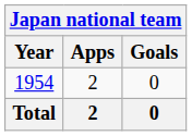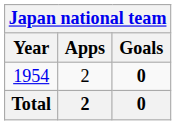 <table class="wikitable" style="text-align:center">
 <tr>
 <th colspan=3><a href='#'>Japan national team</a></th>
 </tr>
 <tr>
 <th>Year</th>
 <th>Apps</th>
 <th>Goals</th>
 </tr>
 <tr>
 <td><a href='#'>1954</a></td>
 <td>2</td>
-<td>0</td>
+<td><strong>0</strong></td>
 </tr>
 <tr>
 <th>Total</th>
 <th>2</th>
 <th>0</th>
 </tr>
 </table>
